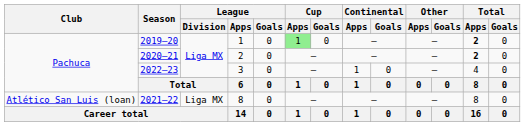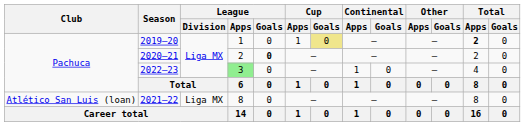 <table class="wikitable" style="text-align: center">
 <tr>
 <th rowspan="2">Club</th>
 <th rowspan="2">Season</th>
 <th colspan="3">League</th>
 <th colspan="2">Cup</th>
 <th colspan="2">Continental</th>
 <th colspan="2">Other</th>
 <th colspan="2">Total</th>
 </tr>
 <tr>
 <th>Division</th>
 <th>Apps</th>
 <th>Goals</th>
 <th>Apps</th>
 <th>Goals</th>
 <th>Apps</th>
 <th>Goals</th>
 <th>Apps</th>
 <th>Goals</th>
 <th>Apps</th>
 <th>Goals</th>
 </tr>
 <tr>
 <td rowspan=4><a href='#'>Pachuca</a></td>
 <td><a href='#'>2019–20</a></td>
 <td rowspan=3><a href='#'>Liga MX</a></td>
 <td>1</td>
 <td>0</td>
-<td style="background: lightgreen;">1</td>
-<td>0</td>
+<td>1</td>
+<td style="background: khaki;">0</td>
 <td colspan="2">–</td>
 <td colspan="2">–</td>
 <td><strong>2</strong></td>
 <td>0</td>
 </tr>
 <tr>
 <td><a href='#'>2020–21</a></td>
 <td>2</td>
-<td>0</td>
+<td><strong>0</strong></td>
 <td colspan="2">–</td>
 <td colspan="2">–</td>
 <td colspan="2">–</td>
-<td><strong>2</strong></td>
+<td>2</td>
 <td>0</td>
 </tr>
 <tr>
 <td><a href='#'>2022–23</a></td>
-<td>3</td>
+<td style="background: lightgreen;">3</td>
 <td>0</td>
 <td colspan="2">–</td>
 <td>1</td>
 <td>0</td>
 <td colspan="2">–</td>
 <td>4</td>
 <td>0</td>
 </tr>
 <tr>
 <th colspan="2">Total</th>
 <th>6</th>
 <th>0</th>
 <th>1</th>
 <th>0</th>
 <th>1</th>
 <th>0</th>
 <th>0</th>
 <th>0</th>
 <th>8</th>
 <th>0</th>
 </tr>
 <tr>
 <td><a href='#'>Atlético San Luis</a> (loan)</td>
 <td><a href='#'>2021–22</a></td>
 <td>Liga MX</td>
 <td>8</td>
 <td>0</td>
 <td colspan="2">–</td>
 <td colspan=2>—</td>
 <td colspan=2>—</td>
 <td>8</td>
 <td>0</td>
 </tr>
 <tr>
 <th colspan=3>Career total</th>
 <th>14</th>
 <th>0</th>
 <th>1</th>
 <th>0</th>
 <th>1</th>
 <th>0</th>
 <th>0</th>
 <th>0</th>
 <th>16</th>
 <th>0</th>
 </tr>
 </table>
